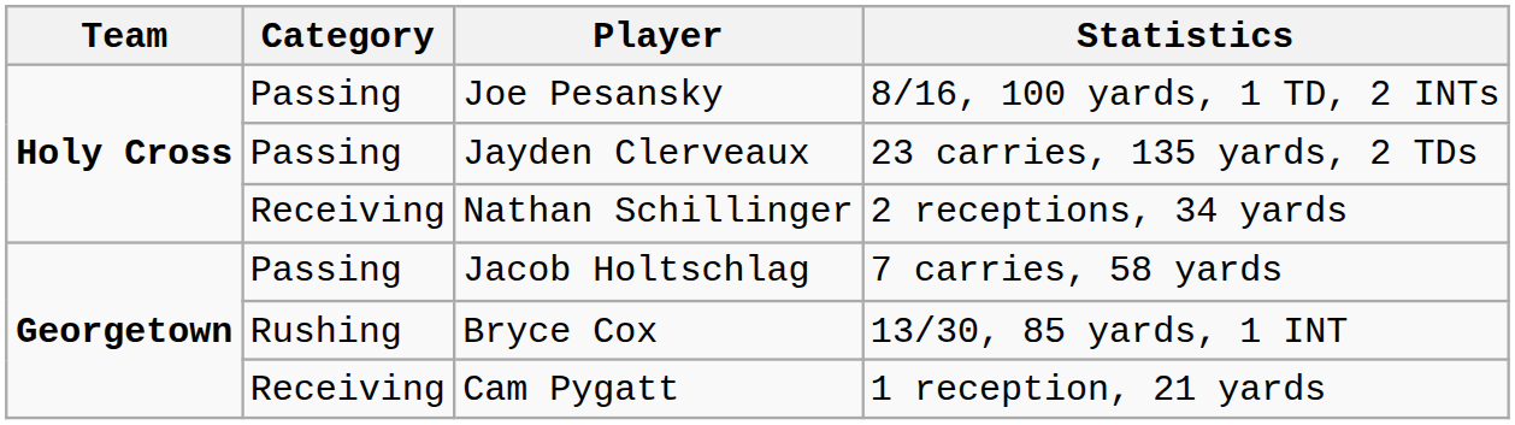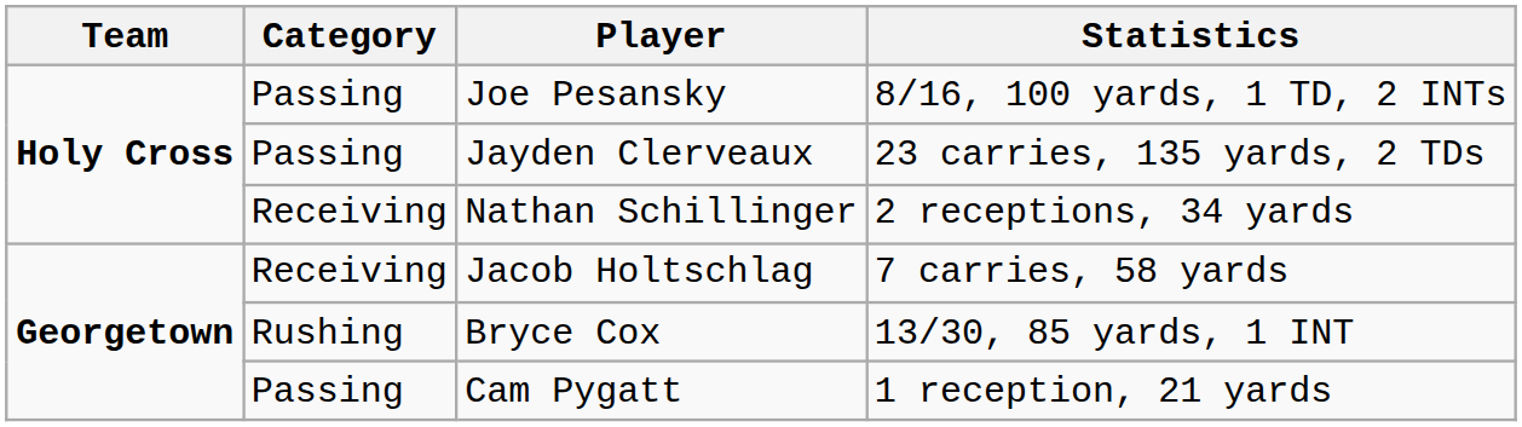 <table class="wikitable" style="float: right;">
 <tr>
 <th>Team</th>
 <th>Category</th>
 <th>Player</th>
 <th>Statistics</th>
 </tr>
 <tr>
 <td rowspan=3><strong>Holy Cross</strong></td>
 <td>Passing</td>
 <td>Joe Pesansky</td>
 <td>8/16, 100 yards, 1 TD, 2 INTs</td>
 </tr>
 <tr>
 <td>Passing</td>
 <td>Jayden Clerveaux</td>
 <td>23 carries, 135 yards, 2 TDs</td>
 </tr>
 <tr>
 <td>Receiving</td>
 <td>Nathan Schillinger</td>
 <td>2 receptions, 34 yards</td>
 </tr>
 <tr>
 <td rowspan=3><strong>Georgetown</strong></td>
-<td>Passing</td>
+<td>Receiving</td>
 <td>Jacob Holtschlag</td>
 <td>7 carries, 58 yards</td>
 </tr>
 <tr>
 <td>Rushing</td>
 <td>Bryce Cox</td>
 <td>13/30, 85 yards, 1 INT</td>
 </tr>
 <tr>
-<td>Receiving</td>
+<td>Passing</td>
 <td>Cam Pygatt</td>
 <td>1 reception, 21 yards</td>
 </tr>
 </table>
